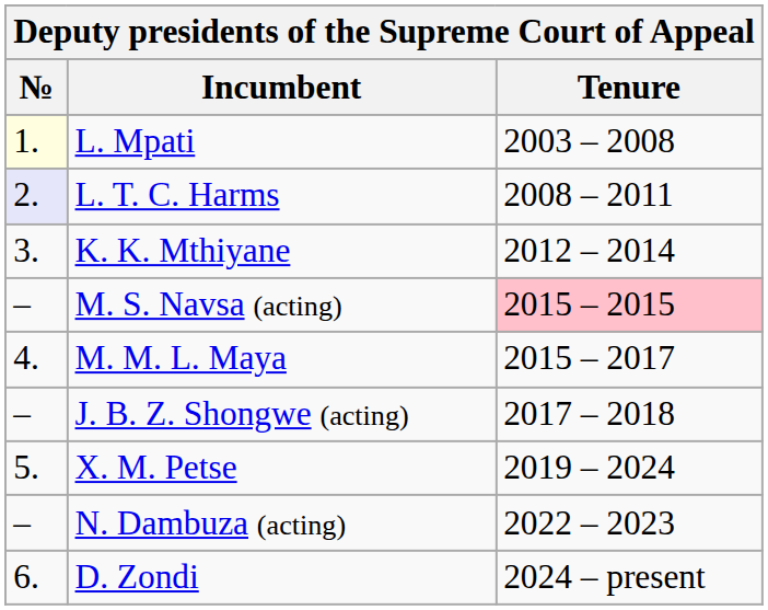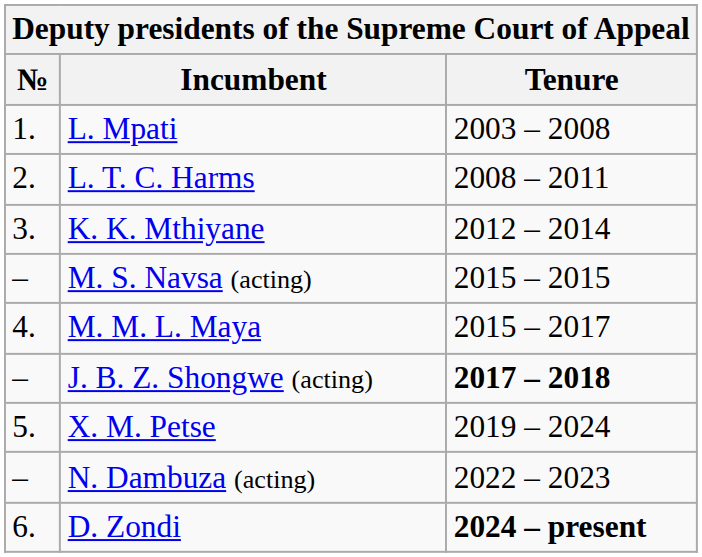 <table class="wikitable">
 <tr>
 <th colspan="3">Deputy presidents of the Supreme Court of Appeal</th>
 </tr>
 <tr>
 <th>№</th>
 <th>Incumbent</th>
 <th>Tenure</th>
 </tr>
 <tr>
-<td style="background: lightyellow;">1.</td>
+<td>1.</td>
 <td><a href='#'>L. Mpati</a></td>
 <td>2003 – 2008</td>
 </tr>
 <tr>
-<td style="background: lavender;">2.</td>
+<td>2.</td>
 <td><a href='#'>L. T. C. Harms</a></td>
 <td>2008 – 2011</td>
 </tr>
 <tr>
 <td>3.</td>
 <td><a href='#'>K. K. Mthiyane</a></td>
 <td>2012 – 2014</td>
 </tr>
 <tr>
 <td>–</td>
 <td><a href='#'>M. S. Navsa</a> <small>(acting)</small></td>
-<td style="background: pink;">2015 – 2015</td>
+<td>2015 – 2015</td>
 </tr>
 <tr>
 <td>4.</td>
 <td><a href='#'>M. M. L. Maya</a></td>
 <td>2015 – 2017</td>
 </tr>
 <tr>
 <td>–</td>
 <td><a href='#'>J. B. Z. Shongwe</a> <small>(acting)</small></td>
-<td>2017 – 2018</td>
+<td><strong>2017 – 2018</strong></td>
 </tr>
 <tr>
 <td>5.</td>
 <td><a href='#'>X. M. Petse</a></td>
 <td>2019 – 2024</td>
 </tr>
 <tr>
 <td>–</td>
 <td><a href='#'>N. Dambuza</a> <small>(acting)</small></td>
 <td>2022 – 2023</td>
 </tr>
 <tr>
 <td>6.</td>
 <td><a href='#'>D. Zondi</a></td>
-<td>2024 – present</td>
+<td><strong>2024 – present</strong></td>
 </tr>
 </table>
